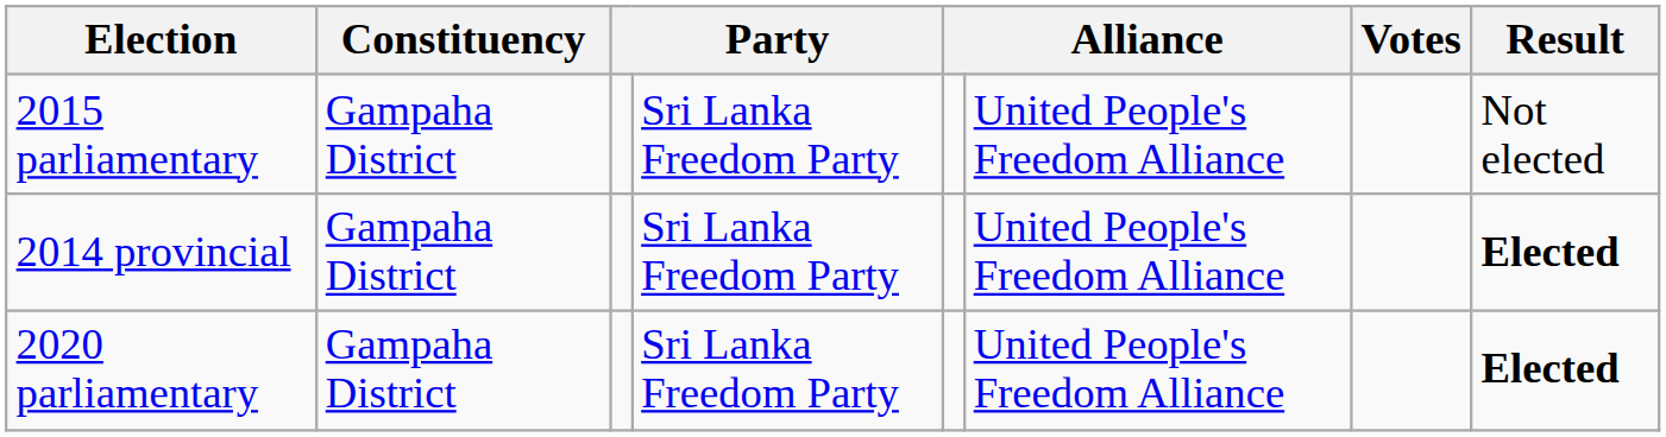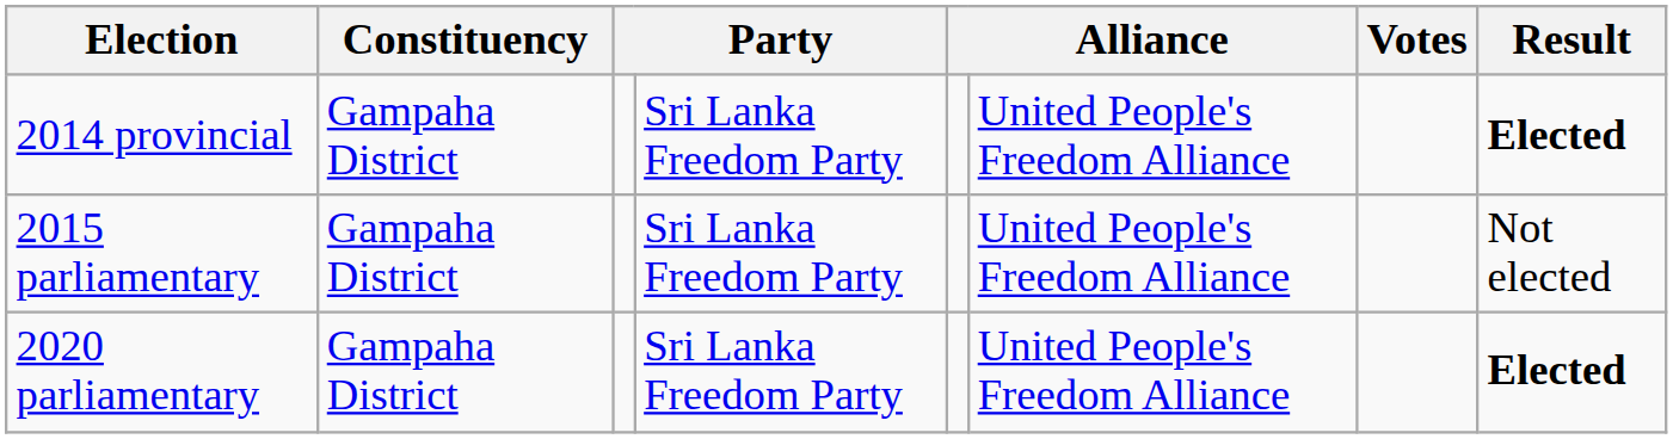 <table class="wikitable" style="text-align:left;">
 <tr>
 <th scope=col>Election</th>
 <th scope=col>Constituency</th>
 <th scope=col colspan="2">Party</th>
 <th scope=col colspan="2">Alliance</th>
 <th scope=col>Votes</th>
 <th scope=col>Result</th>
+</tr>
+<tr>
+<td><a href='#'>2014 provincial</a></td>
+<td><a href='#'>Gampaha District</a></td>
+<td style="background:"></td>
+<td><a href='#'>Sri Lanka Freedom Party</a></td>
+<td style="background:"></td>
+<td><a href='#'>United People's Freedom Alliance</a></td>
+<td align=right></td>
+<td><strong>Elected</strong></td>
 </tr>
 <tr>
 <td><a href='#'>2015 parliamentary</a></td>
 <td><a href='#'>Gampaha District</a></td>
 <td style="background:"></td>
 <td><a href='#'>Sri Lanka Freedom Party</a></td>
 <td style="background:"></td>
 <td><a href='#'>United People's Freedom Alliance</a></td>
 <td align=right></td>
 <td>Not elected</td>
 </tr>
 <tr>
-<td><a href='#'>2014 provincial</a></td>
-<td><a href='#'>Gampaha District</a></td>
-<td style="background:"></td>
-<td><a href='#'>Sri Lanka Freedom Party</a></td>
-<td style="background:"></td>
-<td><a href='#'>United People's Freedom Alliance</a></td>
-<td align=right></td>
-<td><strong>Elected</strong></td>
-</tr>
-<tr>
 <td><a href='#'>2020 parliamentary</a></td>
 <td><a href='#'>Gampaha District</a></td>
 <td style="background:"></td>
 <td><a href='#'>Sri Lanka Freedom Party</a></td>
 <td style="background:"></td>
 <td><a href='#'>United People's Freedom Alliance</a></td>
 <td align=right></td>
 <td><strong>Elected</strong></td>
 </tr>
 </table>
